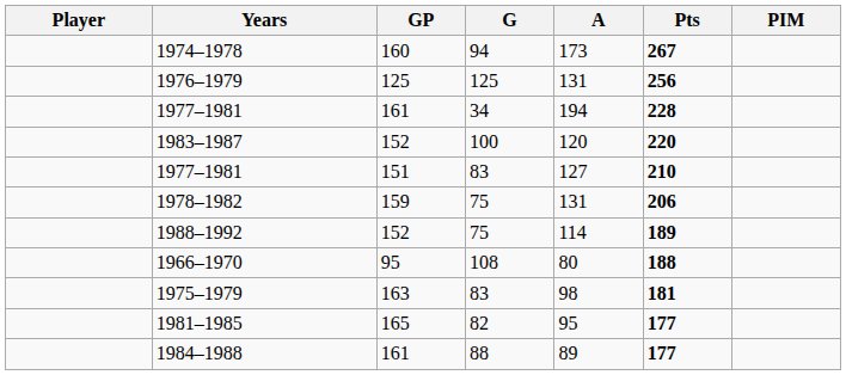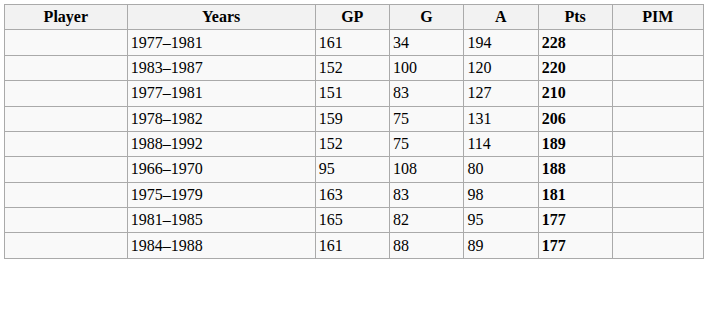 <table class="wikitable sortable" style="width:700px;" cellpadding="1">
 <tr>
 <th>Player</th>
 <th>Years</th>
 <th>GP</th>
 <th>G</th>
 <th>A</th>
 <th>Pts</th>
 <th>PIM</th>
-</tr>
-<tr>
-<td></td>
-<td>1974–1978</td>
-<td>160</td>
-<td>94</td>
-<td>173</td>
-<td><strong>267</strong></td>
-<td></td>
-</tr>
-<tr>
-<td></td>
-<td>1976–1979</td>
-<td>125</td>
-<td>125</td>
-<td>131</td>
-<td><strong>256</strong></td>
-<td></td>
 </tr>
 <tr>
 <td></td>
 <td>1977–1981</td>
 <td>161</td>
 <td>34</td>
 <td>194</td>
 <td><strong>228</strong></td>
 <td></td>
 </tr>
 <tr>
 <td></td>
 <td>1983–1987</td>
 <td>152</td>
 <td>100</td>
 <td>120</td>
 <td><strong>220</strong></td>
 <td></td>
 </tr>
 <tr>
 <td></td>
 <td>1977–1981</td>
 <td>151</td>
 <td>83</td>
 <td>127</td>
 <td><strong>210</strong></td>
 <td></td>
 </tr>
 <tr>
 <td></td>
 <td>1978–1982</td>
 <td>159</td>
 <td>75</td>
 <td>131</td>
 <td><strong>206</strong></td>
 <td></td>
 </tr>
 <tr>
 <td></td>
 <td>1988–1992</td>
 <td>152</td>
 <td>75</td>
 <td>114</td>
 <td><strong>189</strong></td>
 <td></td>
 </tr>
 <tr>
 <td></td>
 <td>1966–1970</td>
 <td>95</td>
 <td>108</td>
 <td>80</td>
 <td><strong>188</strong></td>
 <td></td>
 </tr>
 <tr>
 <td></td>
 <td>1975–1979</td>
 <td>163</td>
 <td>83</td>
 <td>98</td>
 <td><strong>181</strong></td>
 <td></td>
 </tr>
 <tr>
 <td></td>
 <td>1981–1985</td>
 <td>165</td>
 <td>82</td>
 <td>95</td>
 <td><strong>177</strong></td>
 <td></td>
 </tr>
 <tr>
 <td></td>
 <td>1984–1988</td>
 <td>161</td>
 <td>88</td>
 <td>89</td>
 <td><strong>177</strong></td>
 <td></td>
 </tr>
 </table>
